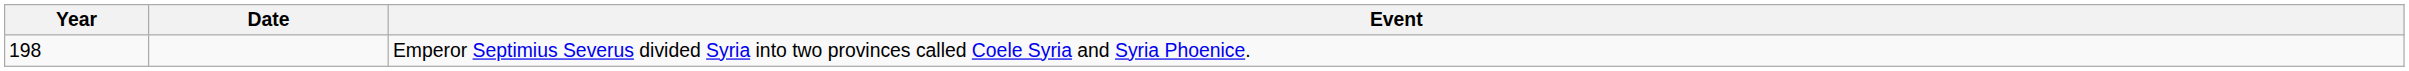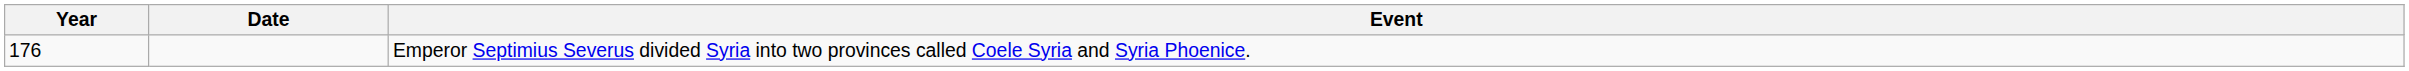 <table class="wikitable" width="100%">
 <tr>
 <th style="width:6%">Year</th>
 <th style="width:10%">Date</th>
 <th>Event</th>
 </tr>
 <tr>
-<td>198</td>
+<td>176</td>
 <td></td>
 <td>Emperor <a href='#'>Septimius Severus</a> divided <a href='#'>Syria</a> into two provinces called <a href='#'>Coele Syria</a> and <a href='#'>Syria Phoenice</a>.</td>
 </tr>
 </table>
